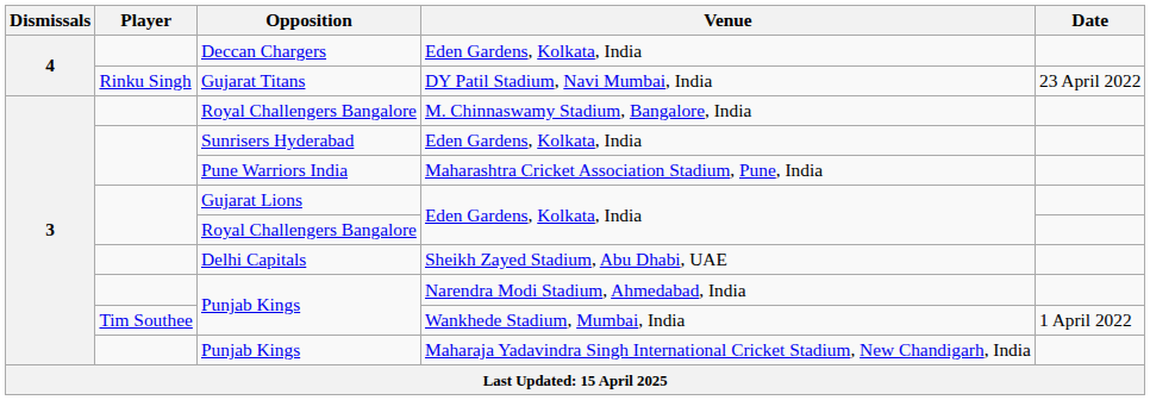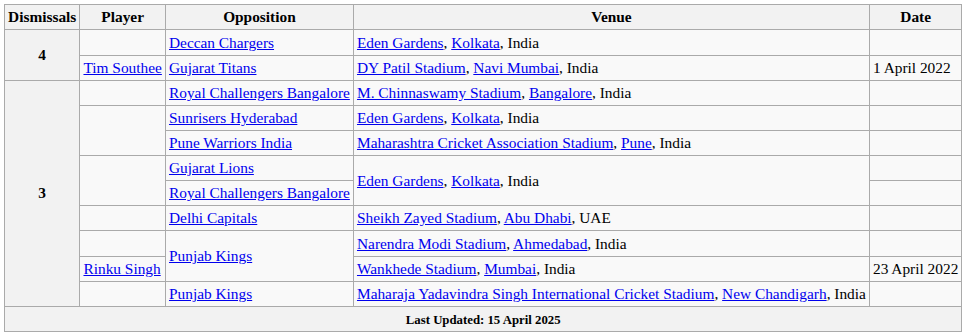 <table class="wikitable sortable" style="text-align:left;font-size:96%;">
 <tr>
 <th>Dismissals</th>
 <th>Player</th>
 <th>Opposition</th>
 <th>Venue</th>
 <th>Date</th>
 </tr>
 <tr>
 <th scope=row style=text-align:center; rowspan=2>4</th>
 <td></td>
 <td><a href='#'>Deccan Chargers</a></td>
 <td><a href='#'>Eden Gardens</a>, <a href='#'>Kolkata</a>, India</td>
 <td></td>
 </tr>
 <tr>
-<td><a href='#'>Rinku Singh</a></td>
+<td><a href='#'>Tim Southee</a></td>
 <td><a href='#'>Gujarat Titans</a></td>
 <td><a href='#'>DY Patil Stadium</a>, <a href='#'>Navi Mumbai</a>, India</td>
-<td>23 April 2022</td>
+<td>1 April 2022</td>
 </tr>
 <tr>
 <th scope=row style=text-align:center; rowspan=10>3</th>
 </tr>
 <tr>
 <td></td>
 <td><a href='#'>Royal Challengers Bangalore</a></td>
 <td><a href='#'>M. Chinnaswamy Stadium</a>, <a href='#'>Bangalore</a>, India</td>
 <td></td>
 </tr>
 <tr>
 <td rowspan=2></td>
 <td><a href='#'>Sunrisers Hyderabad</a></td>
 <td><a href='#'>Eden Gardens</a>, <a href='#'>Kolkata</a>, India</td>
 <td></td>
 </tr>
 <tr>
 <td><a href='#'>Pune Warriors India</a></td>
 <td><a href='#'>Maharashtra Cricket Association Stadium</a>, <a href='#'>Pune</a>, India</td>
 <td></td>
 </tr>
 <tr>
 <td rowspan=2></td>
 <td><a href='#'>Gujarat Lions</a></td>
 <td rowspan=2><a href='#'>Eden Gardens</a>, <a href='#'>Kolkata</a>, India</td>
 <td></td>
 </tr>
 <tr>
 <td><a href='#'>Royal Challengers Bangalore</a></td>
 <td></td>
 </tr>
 <tr>
 <td></td>
 <td><a href='#'>Delhi Capitals</a></td>
 <td><a href='#'>Sheikh Zayed Stadium</a>, <a href='#'>Abu Dhabi</a>, UAE</td>
 <td></td>
 </tr>
 <tr>
 <td></td>
 <td rowspan=2><a href='#'>Punjab Kings</a></td>
 <td><a href='#'>Narendra Modi Stadium</a>, <a href='#'>Ahmedabad</a>, India</td>
 <td></td>
 </tr>
 <tr>
-<td><a href='#'>Tim Southee</a></td>
+<td><a href='#'>Rinku Singh</a></td>
 <td><a href='#'>Wankhede Stadium</a>, <a href='#'>Mumbai</a>, India</td>
-<td>1 April 2022</td>
+<td>23 April 2022</td>
 </tr>
 <tr>
 <td></td>
 <td><a href='#'>Punjab Kings</a></td>
 <td><a href='#'>Maharaja Yadavindra Singh International Cricket Stadium</a>, <a href='#'>New Chandigarh</a>, India</td>
 <td></td>
 </tr>
 <tr>
 </tr>
 <tr class=sortbottom>
 <th colspan=6><small>Last Updated: 15 April 2025</small></th>
 </tr>
 </table>
